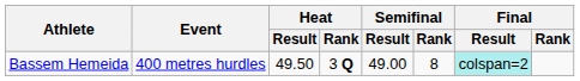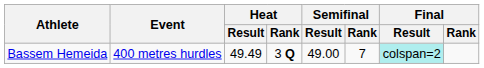 <table class="wikitable" style="font-size:90%">
 <tr>
 <th rowspan="2">Athlete</th>
 <th rowspan="2">Event</th>
 <th colspan="2">Heat</th>
 <th colspan="2">Semifinal</th>
 <th colspan="2">Final</th>
 </tr>
 <tr style="font-size:95%">
 <th>Result</th>
 <th>Rank</th>
 <th>Result</th>
 <th>Rank</th>
 <th>Result</th>
 <th>Rank</th>
 </tr>
 <tr align=center>
 <td align=left><a href='#'>Bassem Hemeida</a></td>
 <td align=left><a href='#'>400 metres hurdles</a></td>
-<td>49.50</td>
+<td>49.49</td>
 <td>3 <strong>Q</strong></td>
 <td>49.00</td>
-<td>8</td>
+<td>7</td>
 <td style="background: paleturquoise;">colspan=2 </td>
 </tr>
 </table>
